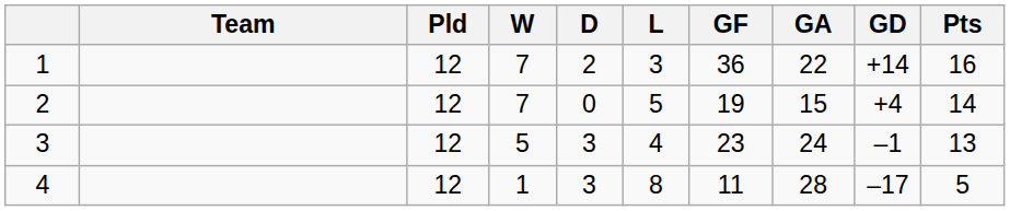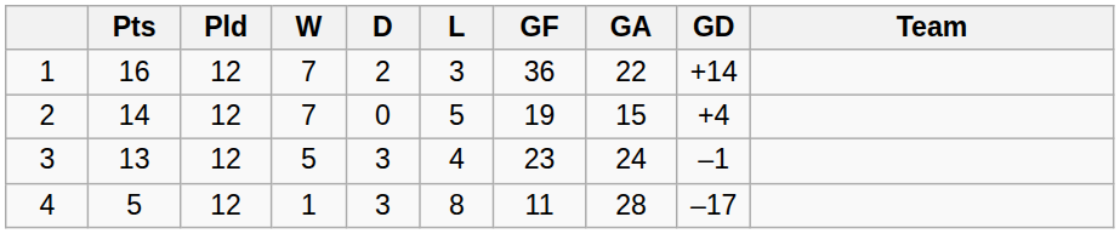 <table class="wikitable" style="text-align: center;">
 <tr>
 <th style="width: 40px;"></th>
-<th style="width: 200px;">Team</th>
+<th style="width: 45px;">Pts</th>
 <th style="width: 45px;">Pld</th>
 <th style="width: 35px;">W</th>
 <th style="width: 35px;">D</th>
 <th style="width: 35px;">L</th>
 <th style="width: 45px;">GF</th>
 <th style="width: 45px;">GA</th>
 <th style="width: 35px;">GD</th>
-<th style="width: 45px;">Pts</th>
+<th style="width: 200px;">Team</th>
 </tr>
 <tr>
 <td>1</td>
-<td style="text-align: left;"></td>
+<td>16</td>
 <td>12</td>
 <td>7</td>
 <td>2</td>
 <td>3</td>
 <td>36</td>
 <td>22</td>
 <td>+14</td>
-<td>16</td>
+<td style="text-align: left;"></td>
 </tr>
 <tr>
 <td>2</td>
-<td style="text-align: left;"></td>
+<td>14</td>
 <td>12</td>
 <td>7</td>
 <td>0</td>
 <td>5</td>
 <td>19</td>
 <td>15</td>
 <td>+4</td>
-<td>14</td>
+<td style="text-align: left;"></td>
 </tr>
 <tr>
 <td>3</td>
-<td style="text-align: left;"></td>
+<td>13</td>
 <td>12</td>
 <td>5</td>
 <td>3</td>
 <td>4</td>
 <td>23</td>
 <td>24</td>
 <td>–1</td>
-<td>13</td>
+<td style="text-align: left;"></td>
 </tr>
 <tr>
 <td>4</td>
-<td style="text-align: left;"></td>
+<td>5</td>
 <td>12</td>
 <td>1</td>
 <td>3</td>
 <td>8</td>
 <td>11</td>
 <td>28</td>
 <td>–17</td>
-<td>5</td>
+<td style="text-align: left;"></td>
 </tr>
 </table>
